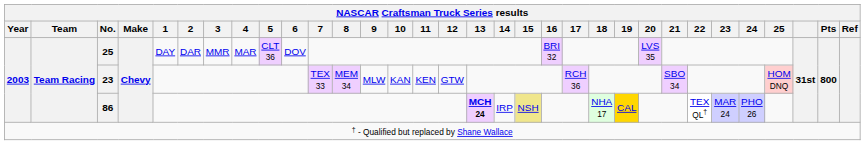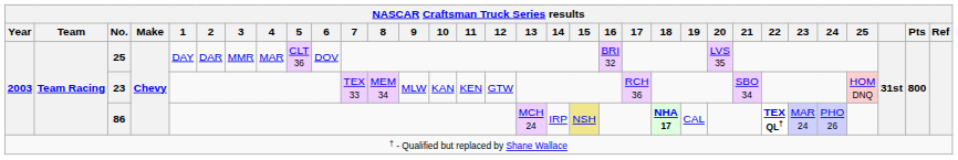 <table class="wikitable" style="text-align:center; font-size:75%">
 <tr>
 <th colspan=45><a href='#'>NASCAR</a> <a href='#'>Craftsman Truck Series</a> results</th>
 </tr>
 <tr>
 <th>Year</th>
 <th>Team</th>
 <th>No.</th>
 <th>Make</th>
 <th>1</th>
 <th>2</th>
 <th>3</th>
 <th>4</th>
 <th>5</th>
 <th>6</th>
 <th>7</th>
 <th>8</th>
 <th>9</th>
 <th>10</th>
 <th>11</th>
 <th>12</th>
 <th>13</th>
 <th>14</th>
 <th>15</th>
 <th>16</th>
 <th>17</th>
 <th>18</th>
 <th>19</th>
 <th>20</th>
 <th>21</th>
 <th>22</th>
 <th>23</th>
 <th>24</th>
 <th>25</th>
 <th></th>
 <th>Pts</th>
 <th>Ref</th>
 </tr>
 <tr>
 <th rowspan=3><a href='#'>2003</a></th>
 <th rowspan=3><a href='#'>Team Racing</a></th>
 <th>25</th>
 <th rowspan=3><a href='#'>Chevy</a></th>
 <td><a href='#'>DAY</a></td>
 <td><a href='#'>DAR</a></td>
 <td><a href='#'>MMR</a></td>
 <td><a href='#'>MAR</a></td>
 <td style="background:#EFCFFF;"><a href='#'>CLT</a><br><small>36</small></td>
 <td><a href='#'>DOV</a></td>
 <td colspan=9></td>
 <td style="background:#EFCFFF;"><a href='#'>BRI</a><br><small>32</small></td>
 <td colspan=3></td>
 <td style="background:#EFCFFF;"><a href='#'>LVS</a><br><small>35</small></td>
 <td colspan=5></td>
 <th rowspan=3>31st</th>
 <th rowspan=3>800</th>
 <th rowspan=3></th>
 </tr>
 <tr>
 <th>23</th>
 <td colspan=6></td>
 <td style="background:#EFCFFF;"><a href='#'>TEX</a><br><small>33</small></td>
 <td style="background:#EFCFFF;"><a href='#'>MEM</a><br><small>34</small></td>
 <td><a href='#'>MLW</a></td>
 <td><a href='#'>KAN</a></td>
 <td><a href='#'>KEN</a></td>
 <td><a href='#'>GTW</a></td>
 <td colspan=4></td>
 <td style="background:#EFCFFF;"><a href='#'>RCH</a><br><small>36</small></td>
 <td colspan=3></td>
 <td style="background:#EFCFFF;"><a href='#'>SBO</a><br><small>34</small></td>
 <td colspan=3></td>
 <td style="background:#FFCFCF;"><a href='#'>HOM</a><br><small>DNQ</small></td>
 </tr>
 <tr>
 <th>86</th>
 <td colspan=12></td>
-<td style="background:#EFCFFF;"><strong><a href='#'>MCH</a><br><small>24</small></strong></td>
+<td style="background:#EFCFFF;"><a href='#'>MCH</a><br><small>24</small></td>
 <td><a href='#'>IRP</a></td>
 <td style="background: khaki;"><a href='#'>NSH</a></td>
 <td colspan=2></td>
-<td style="background:#DFFFDF;"><a href='#'>NHA</a><br><small>17</small></td>
-<td style="background: gold;"><a href='#'>CAL</a></td>
+<td style="background:#DFFFDF;"><strong><a href='#'>NHA</a><br><small>17</small></strong></td>
+<td><a href='#'>CAL</a></td>
 <td colspan=2></td>
-<td style="background:#FFFFFF;"><a href='#'>TEX</a><br><small>QL<sup>†</sup></small></td>
+<td style="background:#FFFFFF;"><strong><a href='#'>TEX</a><br><small>QL<sup>†</sup></small></strong></td>
 <td style="background:#CFCFFF;"><a href='#'>MAR</a><br><small>24</small></td>
 <td style="background:#CFCFFF;"><a href='#'>PHO</a><br><small>26</small></td>
 </tr>
 <tr>
 <td colspan=42><small><sup>†</sup> - Qualified but replaced by <a href='#'>Shane Wallace</a></small></td>
 </tr>
 </table>
